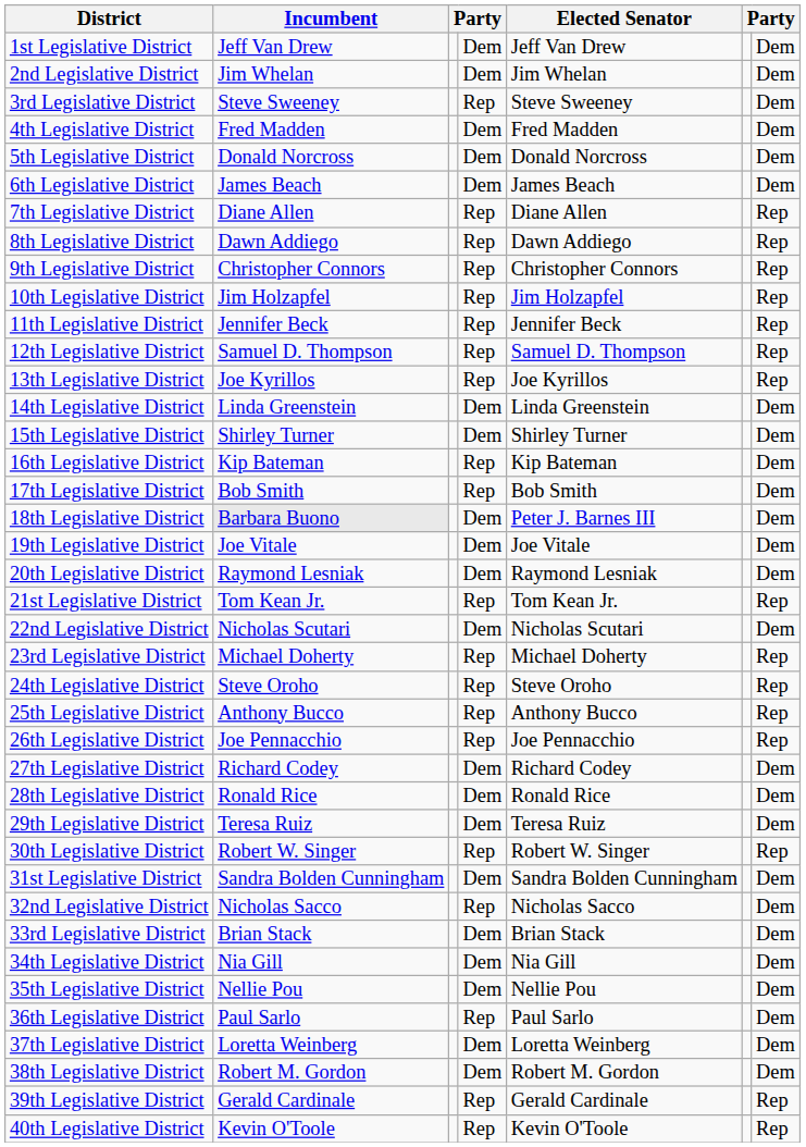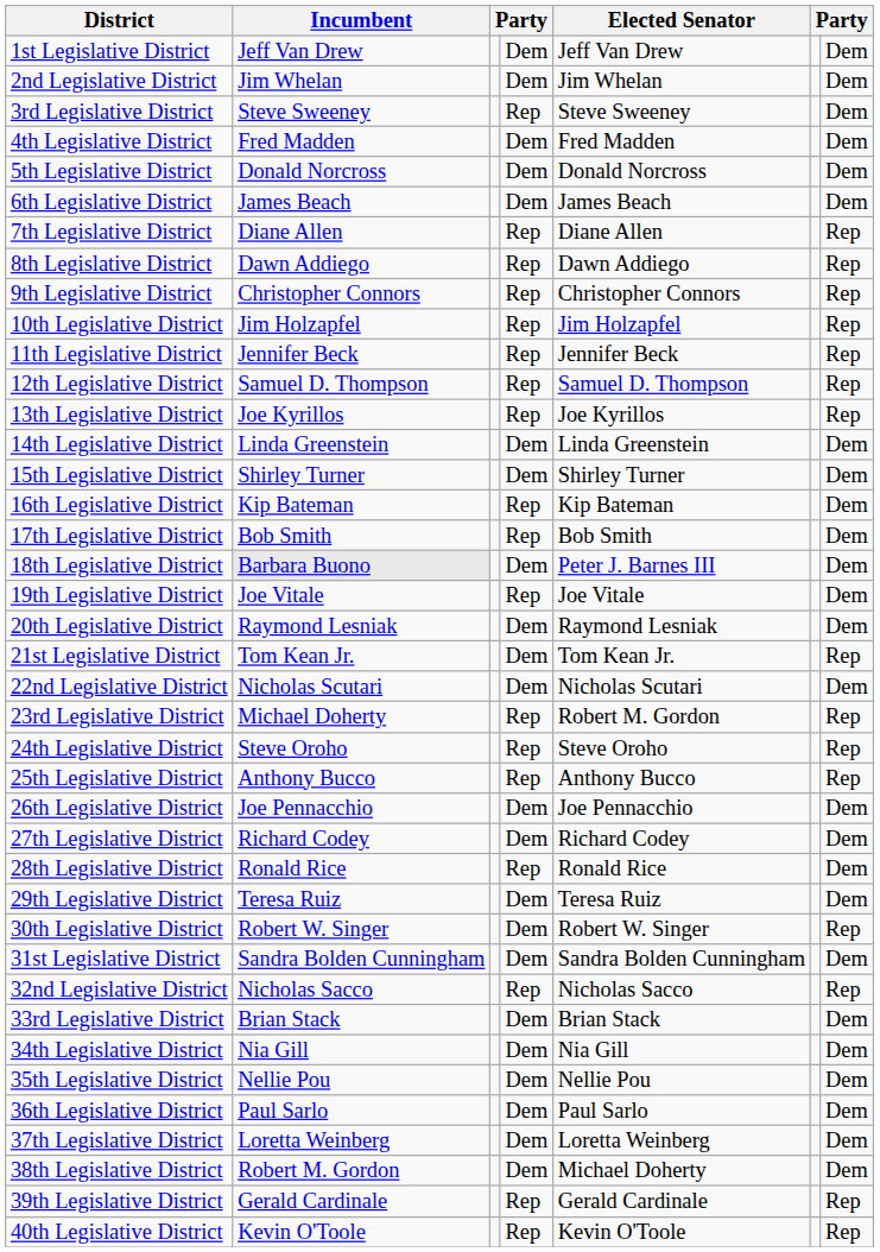 <table class="sortable wikitable" style="font-size:95%;line-height:14px;">
 <tr>
 <th>District</th>
 <th class="unsortable"><a href='#'>Incumbent</a></th>
 <th colspan="2">Party</th>
 <th class="unsortable">Elected Senator</th>
 <th colspan="2">Party</th>
 </tr>
 <tr>
 <td><a href='#'>1st Legislative District</a></td>
 <td><a href='#'>Jeff Van Drew</a></td>
 <td style="background:"></td>
 <td>Dem</td>
 <td>Jeff Van Drew</td>
 <td style="background:"></td>
 <td>Dem</td>
 </tr>
 <tr>
 <td><a href='#'>2nd Legislative District</a></td>
 <td><a href='#'>Jim Whelan</a></td>
 <td style="background:"></td>
 <td>Dem</td>
 <td>Jim Whelan</td>
 <td style="background:"></td>
 <td>Dem</td>
 </tr>
 <tr>
 <td><a href='#'>3rd Legislative District</a></td>
 <td><a href='#'>Steve Sweeney</a></td>
 <td style="background:"></td>
 <td>Rep</td>
 <td>Steve Sweeney</td>
 <td style="background:"></td>
 <td>Dem</td>
 </tr>
 <tr>
 <td><a href='#'>4th Legislative District</a></td>
 <td><a href='#'>Fred Madden</a></td>
 <td style="background:"></td>
 <td>Dem</td>
 <td>Fred Madden</td>
 <td style="background:"></td>
 <td>Dem</td>
 </tr>
 <tr>
 <td><a href='#'>5th Legislative District</a></td>
 <td><a href='#'>Donald Norcross</a></td>
 <td style="background:"></td>
 <td>Dem</td>
 <td>Donald Norcross</td>
 <td style="background:"></td>
 <td>Dem</td>
 </tr>
 <tr>
 <td><a href='#'>6th Legislative District</a></td>
 <td><a href='#'>James Beach</a></td>
 <td style="background:"></td>
 <td>Dem</td>
 <td>James Beach</td>
 <td style="background:"></td>
 <td>Dem</td>
 </tr>
 <tr>
 <td><a href='#'>7th Legislative District</a></td>
 <td><a href='#'>Diane Allen</a></td>
 <td style="background:"></td>
 <td>Rep</td>
 <td>Diane Allen</td>
 <td style="background:"></td>
 <td>Rep</td>
 </tr>
 <tr>
 <td><a href='#'>8th Legislative District</a></td>
 <td><a href='#'>Dawn Addiego</a></td>
 <td style="background:"></td>
 <td>Rep</td>
 <td>Dawn Addiego</td>
 <td style="background:"></td>
 <td>Rep</td>
 </tr>
 <tr>
 <td><a href='#'>9th Legislative District</a></td>
 <td><a href='#'>Christopher Connors</a></td>
 <td style="background:"></td>
 <td>Rep</td>
 <td>Christopher Connors</td>
 <td style="background:"></td>
 <td>Rep</td>
 </tr>
 <tr>
 <td><a href='#'>10th Legislative District</a></td>
 <td><a href='#'>Jim Holzapfel</a></td>
 <td style="background:"></td>
 <td>Rep</td>
 <td><a href='#'>Jim Holzapfel</a></td>
 <td style="background:"></td>
 <td>Rep</td>
 </tr>
 <tr>
 <td><a href='#'>11th Legislative District</a></td>
 <td><a href='#'>Jennifer Beck</a></td>
 <td style="background:"></td>
 <td>Rep</td>
 <td>Jennifer Beck</td>
 <td style="background:"></td>
 <td>Rep</td>
 </tr>
 <tr>
 <td><a href='#'>12th Legislative District</a></td>
 <td><a href='#'>Samuel D. Thompson</a></td>
 <td style="background:"></td>
 <td>Rep</td>
 <td><a href='#'>Samuel D. Thompson</a></td>
 <td style="background:"></td>
 <td>Rep</td>
 </tr>
 <tr>
 <td><a href='#'>13th Legislative District</a></td>
 <td><a href='#'>Joe Kyrillos</a></td>
 <td style="background:"></td>
 <td>Rep</td>
 <td>Joe Kyrillos</td>
 <td style="background:"></td>
 <td>Rep</td>
 </tr>
 <tr>
 <td><a href='#'>14th Legislative District</a></td>
 <td><a href='#'>Linda Greenstein</a></td>
 <td style="background:"></td>
 <td>Dem</td>
 <td>Linda Greenstein</td>
 <td style="background:"></td>
 <td>Dem</td>
 </tr>
 <tr>
 <td><a href='#'>15th Legislative District</a></td>
 <td><a href='#'>Shirley Turner</a></td>
 <td style="background:"></td>
 <td>Dem</td>
 <td>Shirley Turner</td>
 <td style="background:"></td>
 <td>Dem</td>
 </tr>
 <tr>
 <td><a href='#'>16th Legislative District</a></td>
 <td><a href='#'>Kip Bateman</a></td>
 <td style="background:"></td>
 <td>Rep</td>
 <td>Kip Bateman</td>
 <td style="background:"></td>
 <td>Dem</td>
 </tr>
 <tr>
 <td><a href='#'>17th Legislative District</a></td>
 <td><a href='#'>Bob Smith</a></td>
 <td style="background:"></td>
 <td>Rep</td>
 <td>Bob Smith</td>
 <td style="background:"></td>
 <td>Dem</td>
 </tr>
 <tr>
 <td><a href='#'>18th Legislative District</a></td>
 <td style="background:#E9E9E9;"><a href='#'>Barbara Buono</a></td>
 <td style="background:"></td>
 <td>Dem</td>
 <td><a href='#'>Peter J. Barnes III</a></td>
 <td style="background:"></td>
 <td>Dem</td>
 </tr>
 <tr>
 <td><a href='#'>19th Legislative District</a></td>
 <td><a href='#'>Joe Vitale</a></td>
 <td style="background:"></td>
-<td>Dem</td>
+<td>Rep</td>
 <td>Joe Vitale</td>
 <td style="background:"></td>
 <td>Dem</td>
 </tr>
 <tr>
 <td><a href='#'>20th Legislative District</a></td>
 <td><a href='#'>Raymond Lesniak</a></td>
 <td style="background:"></td>
 <td>Dem</td>
 <td>Raymond Lesniak</td>
 <td style="background:"></td>
 <td>Dem</td>
 </tr>
 <tr>
 <td><a href='#'>21st Legislative District</a></td>
 <td><a href='#'>Tom Kean Jr.</a></td>
 <td style="background:"></td>
-<td>Rep</td>
+<td>Dem</td>
 <td>Tom Kean Jr.</td>
 <td style="background:"></td>
 <td>Rep</td>
 </tr>
 <tr>
 <td><a href='#'>22nd Legislative District</a></td>
 <td><a href='#'>Nicholas Scutari</a></td>
 <td style="background:"></td>
 <td>Dem</td>
 <td>Nicholas Scutari</td>
 <td style="background:"></td>
 <td>Dem</td>
 </tr>
 <tr>
 <td><a href='#'>23rd Legislative District</a></td>
 <td><a href='#'>Michael Doherty</a></td>
 <td style="background:"></td>
 <td>Rep</td>
-<td>Michael Doherty</td>
+<td>Robert M. Gordon</td>
 <td style="background:"></td>
 <td>Rep</td>
 </tr>
 <tr>
 <td><a href='#'>24th Legislative District</a></td>
 <td><a href='#'>Steve Oroho</a></td>
 <td style="background:"></td>
 <td>Rep</td>
 <td>Steve Oroho</td>
 <td style="background:"></td>
 <td>Rep</td>
 </tr>
 <tr>
 <td><a href='#'>25th Legislative District</a></td>
 <td><a href='#'>Anthony Bucco</a></td>
 <td style="background:"></td>
 <td>Rep</td>
 <td>Anthony Bucco</td>
 <td style="background:"></td>
 <td>Rep</td>
 </tr>
 <tr>
 <td><a href='#'>26th Legislative District</a></td>
 <td><a href='#'>Joe Pennacchio</a></td>
 <td style="background:"></td>
-<td>Rep</td>
+<td>Dem</td>
 <td>Joe Pennacchio</td>
 <td style="background:"></td>
-<td>Rep</td>
+<td>Dem</td>
 </tr>
 <tr>
 <td><a href='#'>27th Legislative District</a></td>
 <td><a href='#'>Richard Codey</a></td>
 <td style="background:"></td>
 <td>Dem</td>
 <td>Richard Codey</td>
 <td style="background:"></td>
 <td>Dem</td>
 </tr>
 <tr>
 <td><a href='#'>28th Legislative District</a></td>
 <td><a href='#'>Ronald Rice</a></td>
 <td style="background:"></td>
-<td>Dem</td>
+<td>Rep</td>
 <td>Ronald Rice</td>
 <td style="background:"></td>
 <td>Dem</td>
 </tr>
 <tr>
 <td><a href='#'>29th Legislative District</a></td>
 <td><a href='#'>Teresa Ruiz</a></td>
 <td style="background:"></td>
 <td>Dem</td>
 <td>Teresa Ruiz</td>
 <td style="background:"></td>
 <td>Dem</td>
 </tr>
 <tr>
 <td><a href='#'>30th Legislative District</a></td>
 <td><a href='#'>Robert W. Singer</a></td>
 <td style="background:"></td>
-<td>Rep</td>
+<td>Dem</td>
 <td>Robert W. Singer</td>
 <td style="background:"></td>
 <td>Rep</td>
 </tr>
 <tr>
 <td><a href='#'>31st Legislative District</a></td>
 <td><a href='#'>Sandra Bolden Cunningham</a></td>
 <td style="background:"></td>
 <td>Dem</td>
 <td>Sandra Bolden Cunningham</td>
 <td style="background:"></td>
 <td>Dem</td>
 </tr>
 <tr>
 <td><a href='#'>32nd Legislative District</a></td>
 <td><a href='#'>Nicholas Sacco</a></td>
 <td style="background:"></td>
 <td>Rep</td>
 <td>Nicholas Sacco</td>
 <td style="background:"></td>
-<td>Dem</td>
+<td>Rep</td>
 </tr>
 <tr>
 <td><a href='#'>33rd Legislative District</a></td>
 <td><a href='#'>Brian Stack</a></td>
 <td style="background:"></td>
 <td>Dem</td>
 <td>Brian Stack</td>
 <td style="background:"></td>
 <td>Dem</td>
 </tr>
 <tr>
 <td><a href='#'>34th Legislative District</a></td>
 <td><a href='#'>Nia Gill</a></td>
 <td style="background:"></td>
 <td>Dem</td>
 <td>Nia Gill</td>
 <td style="background:"></td>
 <td>Dem</td>
 </tr>
 <tr>
 <td><a href='#'>35th Legislative District</a></td>
 <td><a href='#'>Nellie Pou</a></td>
 <td style="background:"></td>
 <td>Dem</td>
 <td>Nellie Pou</td>
 <td style="background:"></td>
 <td>Dem</td>
 </tr>
 <tr>
 <td><a href='#'>36th Legislative District</a></td>
 <td><a href='#'>Paul Sarlo</a></td>
 <td style="background:"></td>
-<td>Rep</td>
+<td>Dem</td>
 <td>Paul Sarlo</td>
 <td style="background:"></td>
 <td>Dem</td>
 </tr>
 <tr>
 <td><a href='#'>37th Legislative District</a></td>
 <td><a href='#'>Loretta Weinberg</a></td>
 <td style="background:"></td>
 <td>Dem</td>
 <td>Loretta Weinberg</td>
 <td style="background:"></td>
 <td>Dem</td>
 </tr>
 <tr>
 <td><a href='#'>38th Legislative District</a></td>
 <td><a href='#'>Robert M. Gordon</a></td>
 <td style="background:"></td>
 <td>Dem</td>
-<td>Robert M. Gordon</td>
+<td>Michael Doherty</td>
 <td style="background:"></td>
 <td>Dem</td>
 </tr>
 <tr>
 <td><a href='#'>39th Legislative District</a></td>
 <td><a href='#'>Gerald Cardinale</a></td>
 <td style="background:"></td>
 <td>Rep</td>
 <td>Gerald Cardinale</td>
 <td style="background:"></td>
 <td>Rep</td>
 </tr>
 <tr>
 <td><a href='#'>40th Legislative District</a></td>
 <td><a href='#'>Kevin O'Toole</a></td>
 <td style="background:"></td>
 <td>Rep</td>
 <td>Kevin O'Toole</td>
 <td style="background:"></td>
 <td>Rep</td>
 </tr>
 </table>
